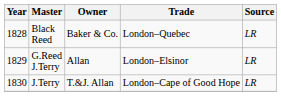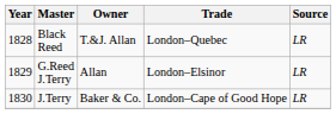 <table class=" wikitable">
 <tr>
 <th>Year</th>
 <th>Master</th>
 <th>Owner</th>
 <th>Trade</th>
 <th>Source</th>
 </tr>
 <tr>
 <td>1828</td>
 <td>Black<br>Reed</td>
-<td>Baker & Co.</td>
+<td>T.&J. Allan</td>
 <td>London–Quebec</td>
 <td><em>LR</em></td>
 </tr>
 <tr>
 <td>1829</td>
 <td>G.Reed<br>J.Terry</td>
 <td>Allan</td>
 <td>London–Elsinor</td>
 <td><em>LR</em></td>
 </tr>
 <tr>
 <td>1830</td>
 <td>J.Terry</td>
-<td>T.&J. Allan</td>
+<td>Baker & Co.</td>
 <td>London–Cape of Good Hope</td>
 <td><em>LR</em></td>
 </tr>
 <tr>
 </tr>
 </table>
